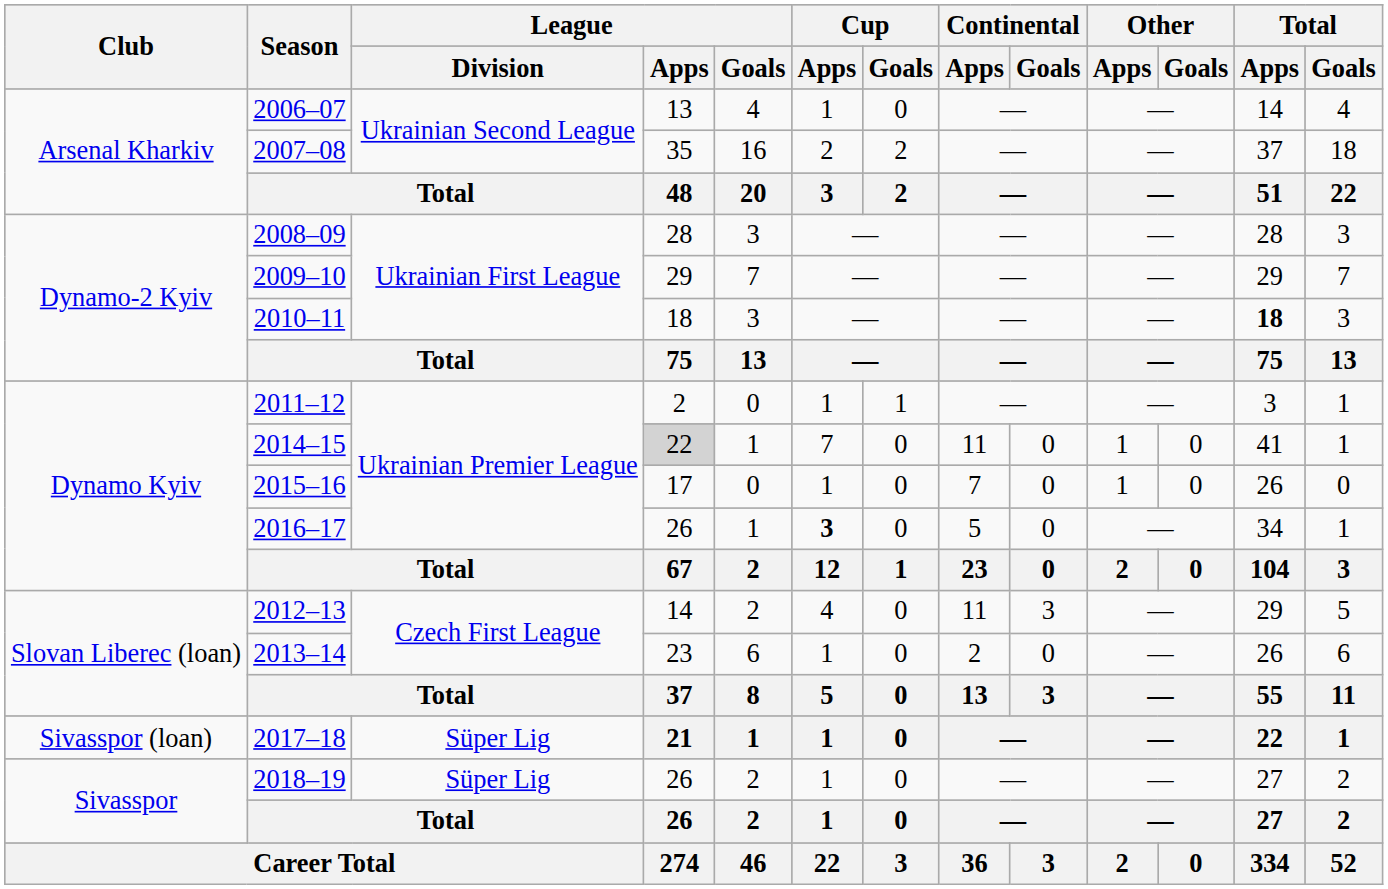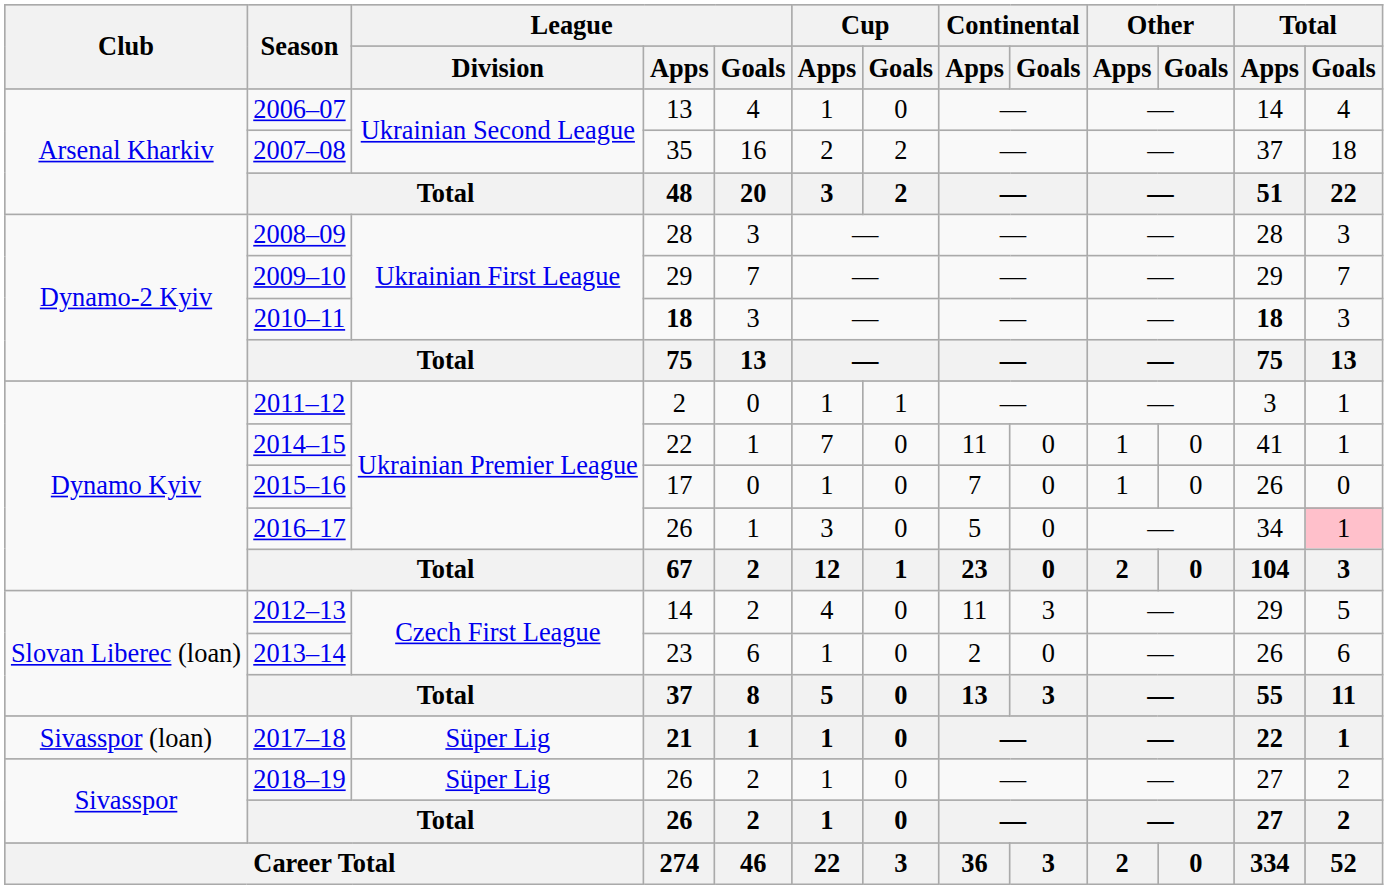 <table class="wikitable" style="text-align: center;">
 <tr>
 <th rowspan="2">Club</th>
 <th rowspan="2">Season</th>
 <th colspan="3">League</th>
 <th colspan="2">Cup</th>
 <th colspan="2">Continental</th>
 <th colspan="2">Other</th>
 <th colspan="2">Total</th>
 </tr>
 <tr>
 <th>Division</th>
 <th>Apps</th>
 <th>Goals</th>
 <th>Apps</th>
 <th>Goals</th>
 <th>Apps</th>
 <th>Goals</th>
 <th>Apps</th>
 <th>Goals</th>
 <th>Apps</th>
 <th>Goals</th>
 </tr>
 <tr>
 <td rowspan="3"><a href='#'>Arsenal Kharkiv</a></td>
 <td><a href='#'>2006–07</a></td>
 <td rowspan="2"><a href='#'>Ukrainian Second League</a></td>
 <td>13</td>
 <td>4</td>
 <td>1</td>
 <td>0</td>
 <td colspan="2">—</td>
 <td colspan="2">—</td>
 <td>14</td>
 <td>4</td>
 </tr>
 <tr>
 <td><a href='#'>2007–08</a></td>
 <td>35</td>
 <td>16</td>
 <td>2</td>
 <td>2</td>
 <td colspan="2">—</td>
 <td colspan="2">—</td>
 <td>37</td>
 <td>18</td>
 </tr>
 <tr>
 <th colspan="2">Total</th>
 <th>48</th>
 <th>20</th>
 <th>3</th>
 <th>2</th>
 <th colspan="2">—</th>
 <th colspan="2">—</th>
 <th>51</th>
 <th>22</th>
 </tr>
 <tr>
 <td rowspan="4"><a href='#'>Dynamo-2 Kyiv</a></td>
 <td><a href='#'>2008–09</a></td>
 <td rowspan="3"><a href='#'>Ukrainian First League</a></td>
 <td>28</td>
 <td>3</td>
 <td colspan="2">—</td>
 <td colspan="2">—</td>
 <td colspan="2">—</td>
 <td>28</td>
 <td>3</td>
 </tr>
 <tr>
 <td><a href='#'>2009–10</a></td>
 <td>29</td>
 <td>7</td>
 <td colspan="2">—</td>
 <td colspan="2">—</td>
 <td colspan="2">—</td>
 <td>29</td>
 <td>7</td>
 </tr>
 <tr>
 <td><a href='#'>2010–11</a></td>
-<td>18</td>
+<td><strong>18</strong></td>
 <td>3</td>
 <td colspan="2">—</td>
 <td colspan="2">—</td>
 <td colspan="2">—</td>
 <td><strong>18</strong></td>
 <td>3</td>
 </tr>
 <tr>
 <th colspan="2">Total</th>
 <th>75</th>
 <th>13</th>
 <th colspan="2">—</th>
 <th colspan="2">—</th>
 <th colspan="2">—</th>
 <th>75</th>
 <th>13</th>
 </tr>
 <tr>
 <td rowspan="5"><a href='#'>Dynamo Kyiv</a></td>
 <td><a href='#'>2011–12</a></td>
 <td rowspan="4"><a href='#'>Ukrainian Premier League</a></td>
 <td>2</td>
 <td>0</td>
 <td>1</td>
 <td>1</td>
 <td colspan="2">—</td>
 <td colspan="2">—</td>
 <td>3</td>
 <td>1</td>
 </tr>
 <tr>
 <td><a href='#'>2014–15</a></td>
-<td style="background: lightgrey;">22</td>
+<td>22</td>
 <td>1</td>
 <td>7</td>
 <td>0</td>
 <td>11</td>
 <td>0</td>
 <td>1</td>
 <td>0</td>
 <td>41</td>
 <td>1</td>
 </tr>
 <tr>
 <td><a href='#'>2015–16</a></td>
 <td>17</td>
 <td>0</td>
 <td>1</td>
 <td>0</td>
 <td>7</td>
 <td>0</td>
 <td>1</td>
 <td>0</td>
 <td>26</td>
 <td>0</td>
 </tr>
 <tr>
 <td><a href='#'>2016–17</a></td>
 <td>26</td>
 <td>1</td>
-<td><strong>3</strong></td>
+<td>3</td>
 <td>0</td>
 <td>5</td>
 <td>0</td>
 <td colspan="2">—</td>
 <td>34</td>
-<td>1</td>
+<td style="background: pink;">1</td>
 </tr>
 <tr>
 <th colspan="2">Total</th>
 <th>67</th>
 <th>2</th>
 <th>12</th>
 <th>1</th>
 <th>23</th>
 <th>0</th>
 <th>2</th>
 <th>0</th>
 <th>104</th>
 <th>3</th>
 </tr>
 <tr>
 <td rowspan="3"><a href='#'>Slovan Liberec</a> (loan)</td>
 <td><a href='#'>2012–13</a></td>
 <td rowspan="2"><a href='#'>Czech First League</a></td>
 <td>14</td>
 <td>2</td>
 <td>4</td>
 <td>0</td>
 <td>11</td>
 <td>3</td>
 <td colspan="2">—</td>
 <td>29</td>
 <td>5</td>
 </tr>
 <tr>
 <td><a href='#'>2013–14</a></td>
 <td>23</td>
 <td>6</td>
 <td>1</td>
 <td>0</td>
 <td>2</td>
 <td>0</td>
 <td colspan="2">—</td>
 <td>26</td>
 <td>6</td>
 </tr>
 <tr>
 <th colspan="2">Total</th>
 <th>37</th>
 <th>8</th>
 <th>5</th>
 <th>0</th>
 <th>13</th>
 <th>3</th>
 <th colspan="2">—</th>
 <th>55</th>
 <th>11</th>
 </tr>
 <tr>
 <td><a href='#'>Sivasspor</a> (loan)</td>
 <td><a href='#'>2017–18</a></td>
 <td><a href='#'>Süper Lig</a></td>
 <th>21</th>
 <th>1</th>
 <th>1</th>
 <th>0</th>
 <th colspan="2">—</th>
 <th colspan="2">—</th>
 <th>22</th>
 <th>1</th>
 </tr>
 <tr>
 <td rowspan="2"><a href='#'>Sivasspor</a></td>
 <td><a href='#'>2018–19</a></td>
 <td><a href='#'>Süper Lig</a></td>
 <td>26</td>
 <td>2</td>
 <td>1</td>
 <td>0</td>
 <td colspan="2">—</td>
 <td colspan="2">—</td>
 <td>27</td>
 <td>2</td>
 </tr>
 <tr>
 <th colspan="2">Total</th>
 <th>26</th>
 <th>2</th>
 <th>1</th>
 <th>0</th>
 <th colspan="2">—</th>
 <th colspan="2">—</th>
 <th>27</th>
 <th>2</th>
 </tr>
 <tr>
 <th colspan="3">Career Total</th>
 <th>274</th>
 <th>46</th>
 <th>22</th>
 <th>3</th>
 <th>36</th>
 <th>3</th>
 <th>2</th>
 <th>0</th>
 <th>334</th>
 <th>52</th>
 </tr>
 </table>
